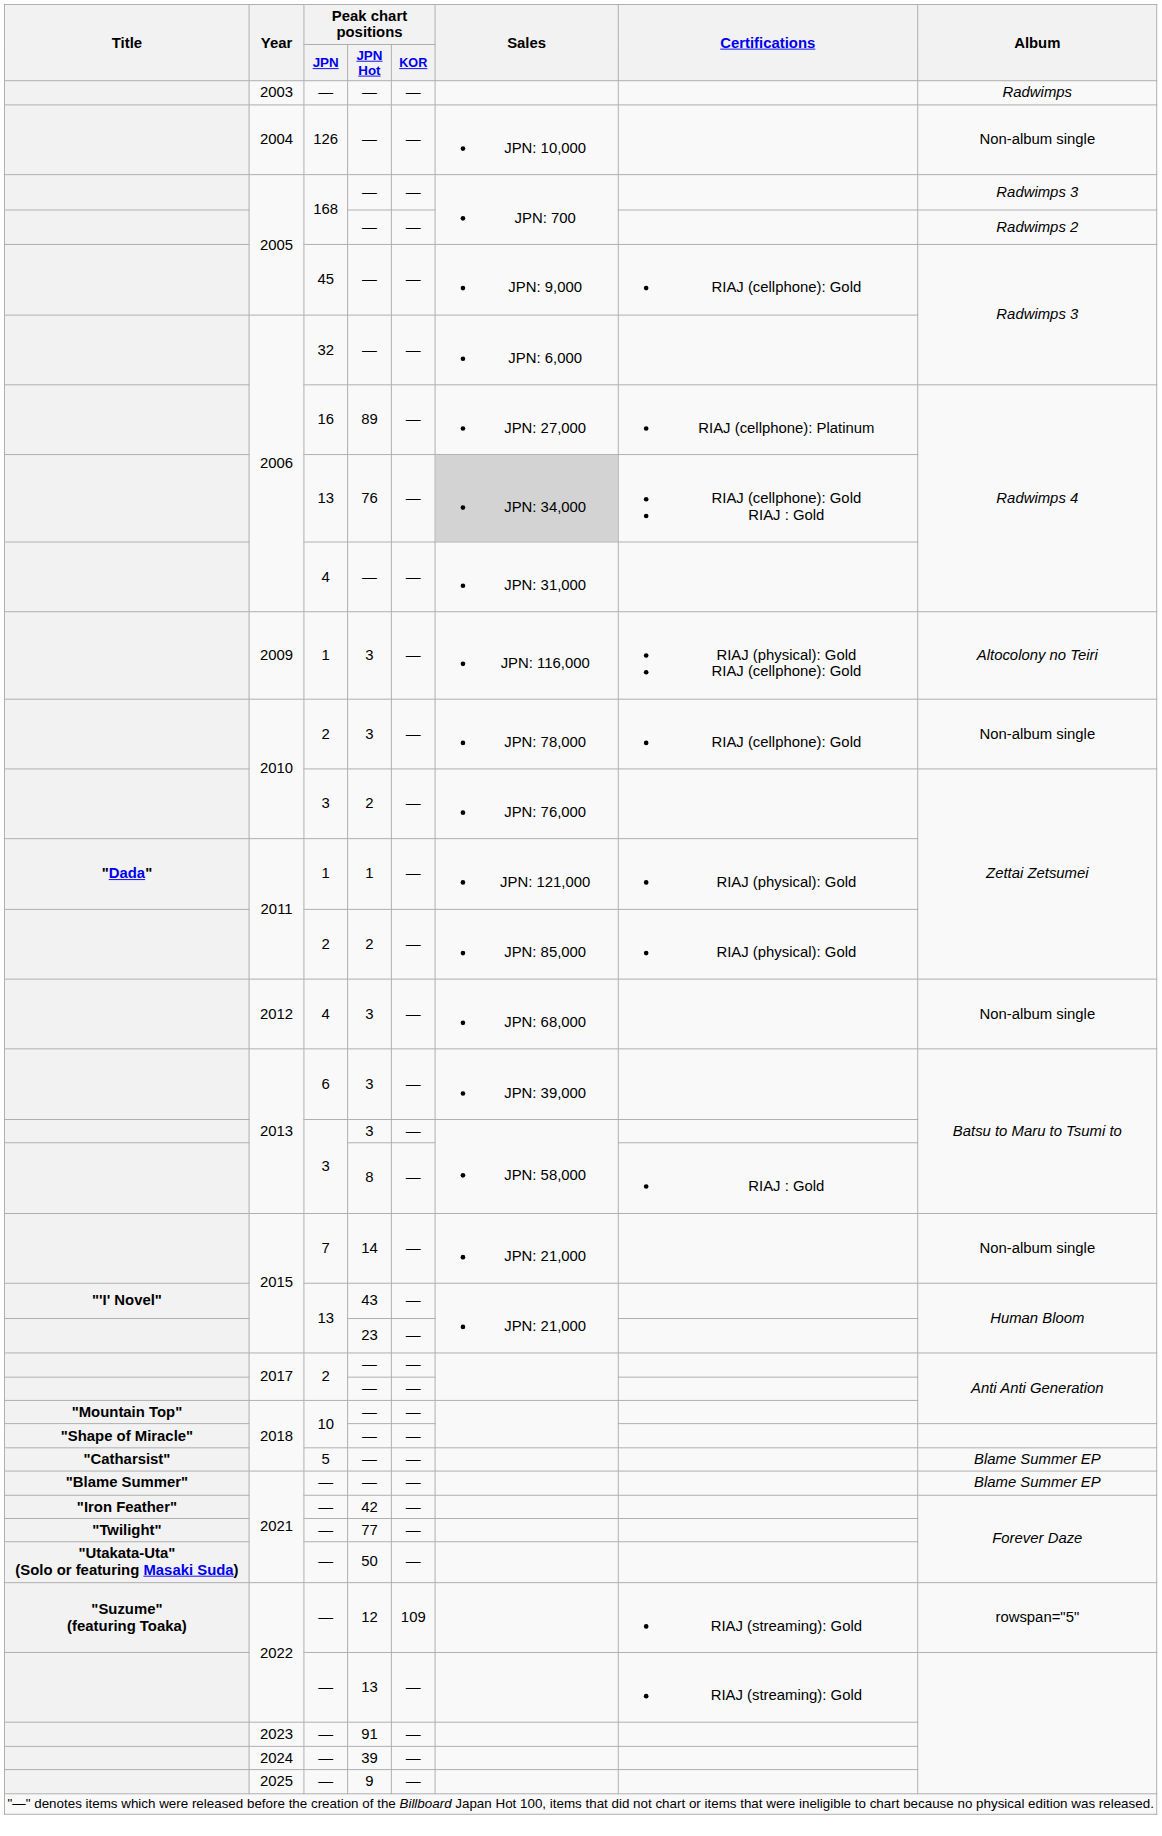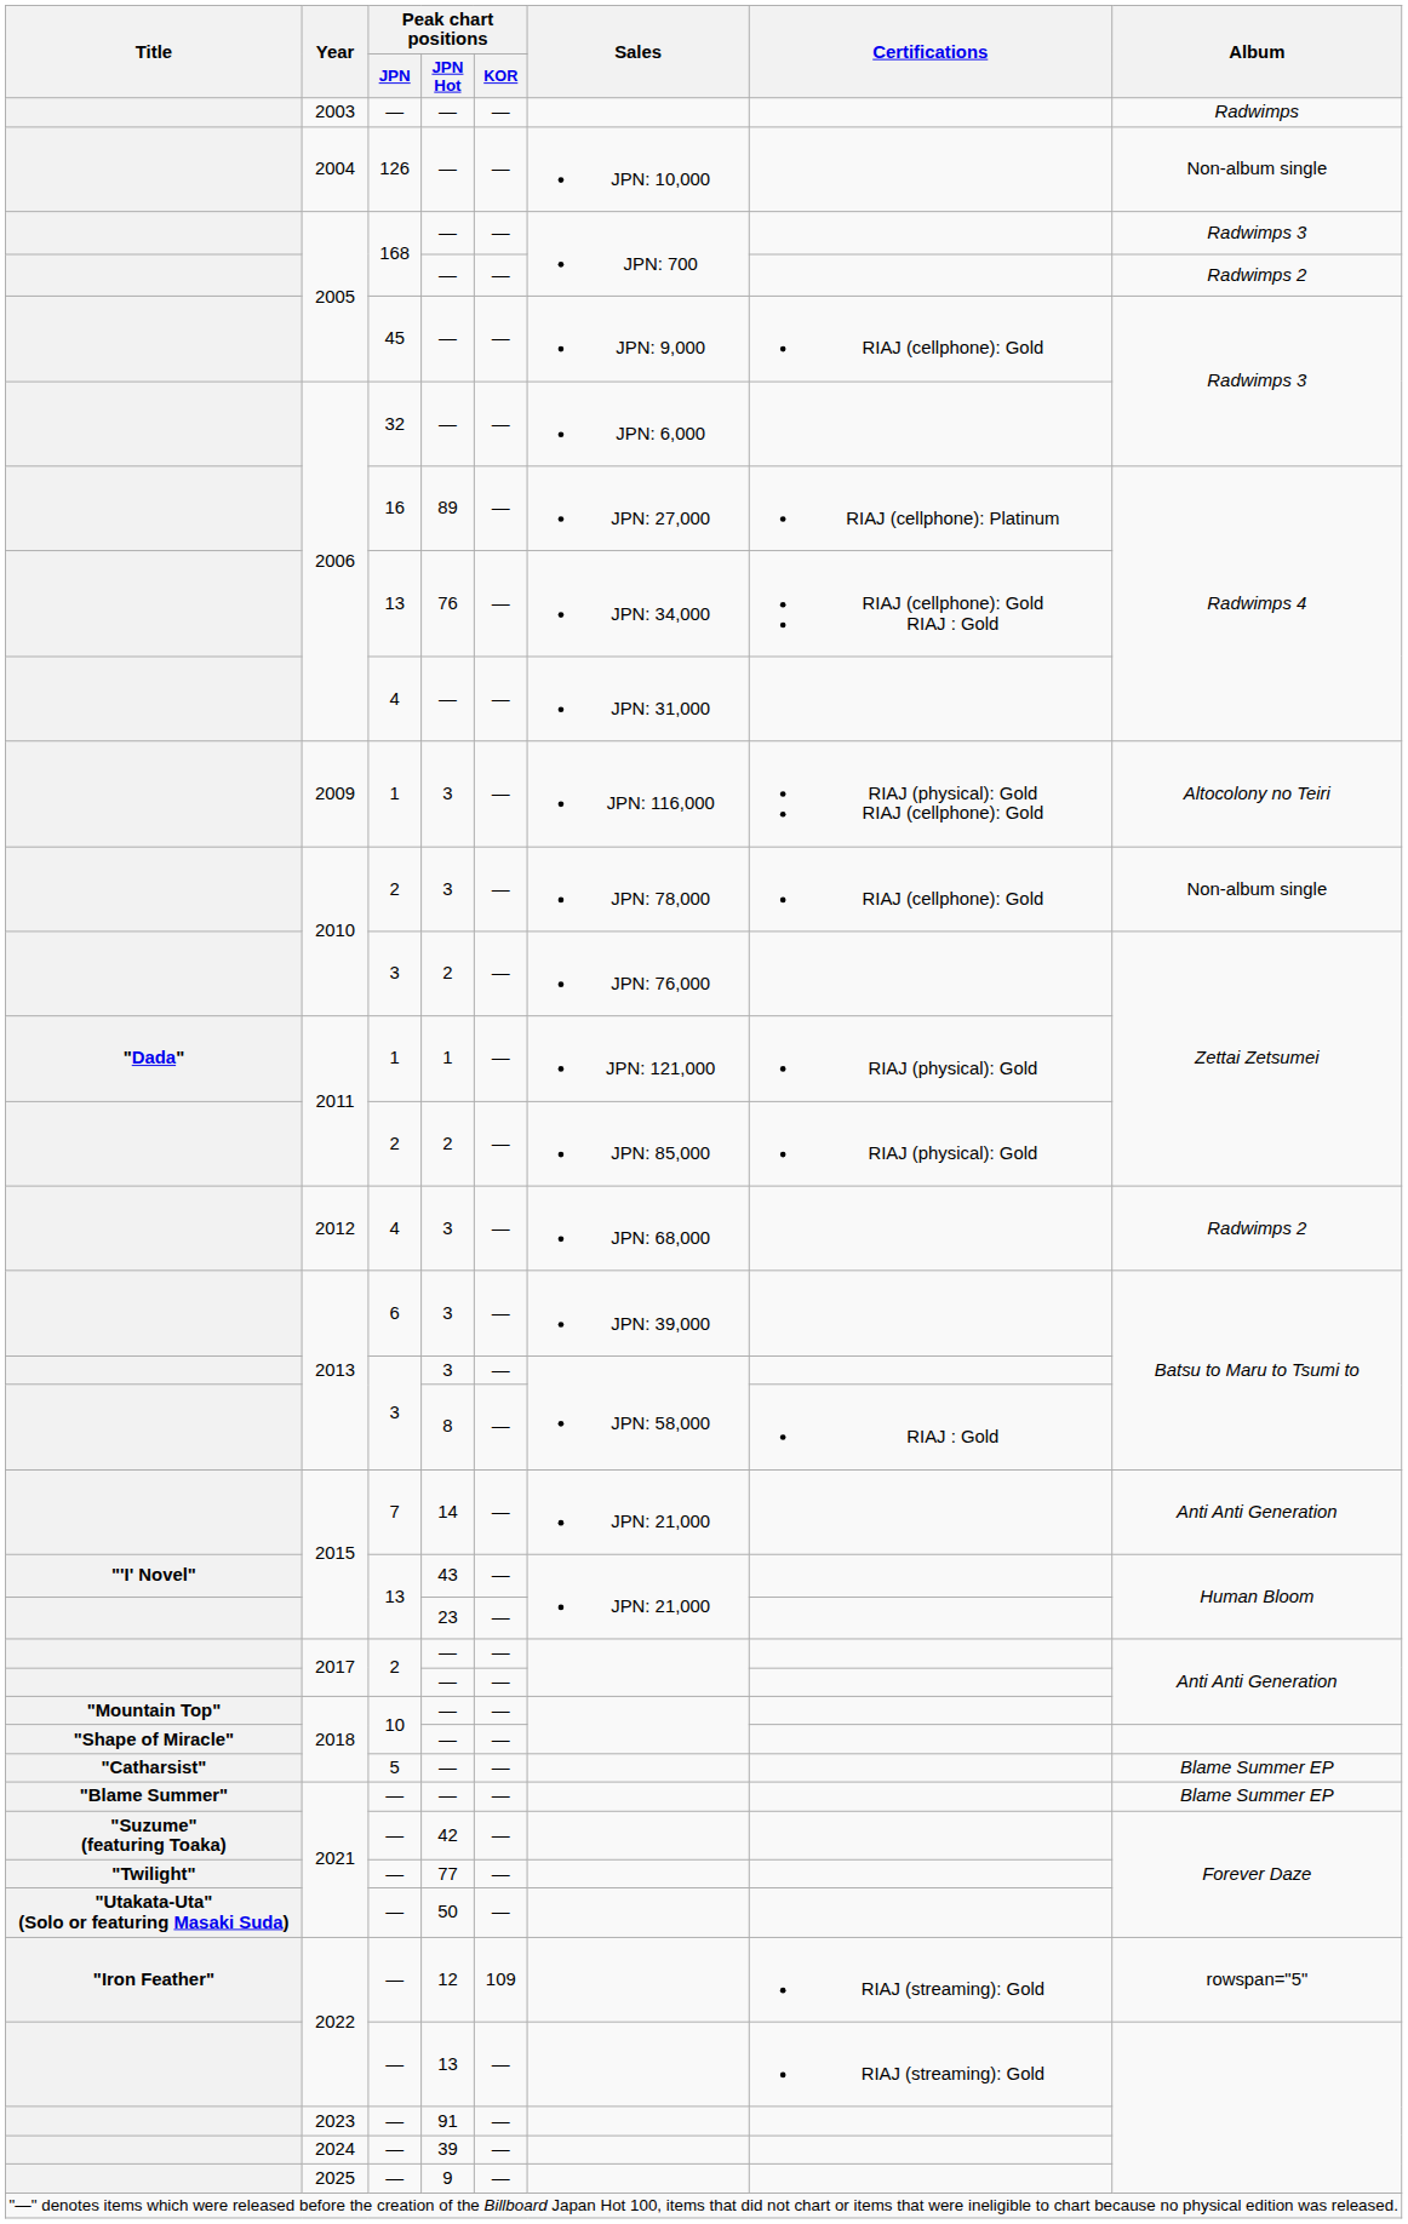 <table class="wikitable plainrowheaders" style="text-align:center;">
 <tr>
 <th scope="col" rowspan="2" style="width:16em;">Title</th>
 <th scope="col" rowspan="2">Year</th>
 <th scope="col" colspan="3">Peak chart positions</th>
 <th scope="col" rowspan="2">Sales</th>
 <th scope="col" rowspan="2"><a href='#'>Certifications</a></th>
 <th scope="col" rowspan="2">Album</th>
 </tr>
 <tr>
 <th scope="col" style="width:2.8em;font-size:90%;"><a href='#'>JPN</a><br></th>
 <th scope="col" style="width:2.8em;font-size:90%;"><a href='#'>JPN Hot</a><br></th>
 <th style="width:3em;font-size:85%"><a href='#'>KOR</a><br></th>
 </tr>
 <tr>
 <th scope="row"></th>
 <td>2003</td>
 <td>—</td>
 <td>—</td>
 <td>—</td>
 <td></td>
 <td></td>
 <td><em>Radwimps</em></td>
 </tr>
 <tr>
 <th scope="row"></th>
 <td>2004</td>
 <td>126</td>
 <td>—</td>
 <td>—</td>
 <td><br><ul><li>JPN: 10,000</li></ul></td>
 <td></td>
 <td>Non-album single</td>
 </tr>
 <tr>
 <th scope="row"></th>
 <td rowspan="3">2005</td>
 <td rowspan="2">168</td>
 <td>—</td>
 <td>—</td>
 <td rowspan="2"><br><ul><li>JPN: 700</li></ul></td>
 <td></td>
 <td><em>Radwimps 3</em></td>
 </tr>
 <tr>
 <th scope="row"></th>
 <td>—</td>
 <td>—</td>
 <td></td>
 <td><em>Radwimps 2</em></td>
 </tr>
 <tr>
 <th scope="row"></th>
 <td>45</td>
 <td>—</td>
 <td>—</td>
 <td><br><ul><li>JPN: 9,000</li></ul></td>
 <td><br><ul><li>RIAJ <span>(cellphone)</span>: Gold</li></ul></td>
 <td rowspan="2"><em>Radwimps 3</em></td>
 </tr>
 <tr>
 <th scope="row"></th>
 <td rowspan="4">2006</td>
 <td>32</td>
 <td>—</td>
 <td>—</td>
 <td><br><ul><li>JPN: 6,000</li></ul></td>
 <td></td>
 </tr>
 <tr>
 <th scope="row"></th>
 <td>16</td>
 <td>89</td>
 <td>—</td>
 <td><br><ul><li>JPN: 27,000</li></ul></td>
 <td><br><ul><li>RIAJ <span>(cellphone)</span>: Platinum</li></ul></td>
 <td rowspan="3"><em>Radwimps 4</em></td>
 </tr>
 <tr>
 <th scope="row"></th>
 <td>13</td>
 <td>76</td>
 <td>—</td>
-<td style="background: lightgrey;"><br><ul><li>JPN: 34,000</li></ul></td>
+<td><br><ul><li>JPN: 34,000</li></ul></td>
 <td><br><ul><li>RIAJ <span>(cellphone)</span>: Gold</li><li>RIAJ : Gold</li></ul></td>
 </tr>
 <tr>
 <th scope="row"></th>
 <td>4</td>
 <td>—</td>
 <td>—</td>
 <td><br><ul><li>JPN: 31,000</li></ul></td>
 <td></td>
 </tr>
 <tr>
 <th scope="row"></th>
 <td>2009</td>
 <td>1</td>
 <td>3</td>
 <td>—</td>
 <td><br><ul><li>JPN: 116,000</li></ul></td>
 <td><br><ul><li>RIAJ <span>(physical)</span>: Gold</li><li>RIAJ <span>(cellphone)</span>: Gold</li></ul></td>
 <td><em>Altocolony no Teiri</em></td>
 </tr>
 <tr>
 <th scope="row"></th>
 <td rowspan="2">2010</td>
 <td>2</td>
 <td>3</td>
 <td>—</td>
 <td><br><ul><li>JPN: 78,000</li></ul></td>
 <td><br><ul><li>RIAJ <span>(cellphone)</span>: Gold</li></ul></td>
 <td>Non-album single</td>
 </tr>
 <tr>
 <th scope="row"></th>
 <td>3</td>
 <td>2</td>
 <td>—</td>
 <td><br><ul><li>JPN: 76,000</li></ul></td>
 <td></td>
 <td rowspan="3"><em>Zettai Zetsumei</em></td>
 </tr>
 <tr>
 <th scope="row">"<a href='#'>Dada</a>"</th>
 <td rowspan="2">2011</td>
 <td>1</td>
 <td>1</td>
 <td>—</td>
 <td><br><ul><li>JPN: 121,000</li></ul></td>
 <td><br><ul><li>RIAJ <span>(physical)</span>: Gold</li></ul></td>
 </tr>
 <tr>
 <th scope="row"></th>
 <td>2</td>
 <td>2</td>
 <td>—</td>
 <td><br><ul><li>JPN: 85,000</li></ul></td>
 <td><br><ul><li>RIAJ <span>(physical)</span>: Gold</li></ul></td>
 </tr>
 <tr>
 <th scope="row"></th>
 <td>2012</td>
 <td>4</td>
 <td>3</td>
 <td>—</td>
 <td><br><ul><li>JPN: 68,000</li></ul></td>
 <td></td>
-<td>Non-album single</td>
+<td><em>Radwimps 2</em></td>
 </tr>
 <tr>
 <th scope="row"></th>
 <td rowspan="3">2013</td>
 <td>6</td>
 <td>3</td>
 <td>—</td>
 <td><br><ul><li>JPN: 39,000</li></ul></td>
 <td></td>
 <td rowspan="3"><em>Batsu to Maru to Tsumi to</em></td>
 </tr>
 <tr>
 <th scope="row"></th>
 <td rowspan="2">3</td>
 <td>3</td>
 <td>—</td>
 <td rowspan="2"><br><ul><li>JPN: 58,000</li></ul></td>
 <td></td>
 </tr>
 <tr>
 <th scope="row"></th>
 <td>8</td>
 <td>—</td>
 <td><br><ul><li>RIAJ : Gold</li></ul></td>
 </tr>
 <tr>
 <th scope="row"></th>
 <td rowspan="3">2015</td>
 <td>7</td>
 <td>14</td>
 <td>—</td>
 <td><br><ul><li>JPN: 21,000</li></ul></td>
 <td></td>
-<td>Non-album single</td>
+<td><em>Anti Anti Generation</em></td>
 </tr>
 <tr>
 <th scope="row">"'I' Novel"</th>
 <td rowspan="2">13</td>
 <td>43</td>
 <td>—</td>
 <td rowspan="2"><br><ul><li>JPN: 21,000</li></ul></td>
 <td></td>
 <td rowspan="2"><em>Human Bloom</em></td>
 </tr>
 <tr>
 <th scope="row"></th>
 <td>23</td>
 <td>—</td>
 <td></td>
 </tr>
 <tr>
 <th scope="row"></th>
 <td rowspan="2">2017</td>
 <td rowspan="2">2</td>
 <td>—</td>
 <td>—</td>
 <td rowspan="2"></td>
 <td></td>
 <td rowspan="3"><em>Anti Anti Generation</em></td>
 </tr>
 <tr>
 <th scope="row"></th>
 <td>—</td>
 <td>—</td>
 <td></td>
 </tr>
 <tr>
 <th scope="row">"Mountain Top"</th>
 <td rowspan="3">2018</td>
 <td rowspan="2">10</td>
 <td>—</td>
 <td>—</td>
 <td rowspan="2"></td>
 <td></td>
 </tr>
 <tr>
 <th scope="row">"Shape of Miracle"</th>
 <td>—</td>
 <td>—</td>
 <td></td>
 <td></td>
 </tr>
 <tr>
 <th scope="row">"Catharsist"</th>
 <td>5</td>
 <td>—</td>
 <td>—</td>
 <td></td>
 <td></td>
 <td><em>Blame Summer EP</em></td>
 </tr>
 <tr>
 <th scope="row">"Blame Summer"</th>
 <td rowspan="4">2021</td>
 <td>—</td>
 <td>—</td>
 <td>—</td>
 <td></td>
 <td></td>
 <td><em>Blame Summer EP</em></td>
 </tr>
 <tr>
-<th scope="row">"Iron Feather"</th>
+<th scope="row">"Suzume"<br><span>(featuring Toaka)</span></th>
 <td>—</td>
 <td>42</td>
 <td>—</td>
 <td></td>
 <td></td>
 <td rowspan="3"><em>Forever Daze</em></td>
 </tr>
 <tr>
 <th scope="row">"Twilight"</th>
 <td>—</td>
 <td>77</td>
 <td>—</td>
 <td></td>
 <td></td>
 </tr>
 <tr>
 <th scope="row">"Utakata-Uta"<br><span>(Solo or featuring <a href='#'>Masaki Suda</a>)</span></th>
 <td>—</td>
 <td>50</td>
 <td>—</td>
 <td></td>
 <td></td>
 </tr>
 <tr>
-<th scope="row">"Suzume"<br><span>(featuring Toaka)</span></th>
+<th scope="row">"Iron Feather"</th>
 <td rowspan="2">2022</td>
 <td>—</td>
 <td>12</td>
 <td>109</td>
 <td></td>
 <td><br><ul><li>RIAJ <span>(streaming)</span>: Gold</li></ul></td>
 <td>rowspan="5" </td>
 </tr>
 <tr>
 <th scope="row"></th>
 <td>—</td>
 <td>13</td>
 <td>—</td>
 <td></td>
 <td><br><ul><li>RIAJ <span>(streaming)</span>: Gold</li></ul></td>
 </tr>
 <tr>
 <th scope="row"><br></th>
 <td>2023</td>
 <td>—</td>
 <td>91</td>
 <td>—</td>
 <td></td>
 <td></td>
 </tr>
 <tr>
 <th scope="row"></th>
 <td>2024</td>
 <td>—</td>
 <td>39</td>
 <td>—</td>
 <td></td>
 <td></td>
 </tr>
 <tr>
 <th scope="row"></th>
 <td>2025</td>
 <td>—</td>
 <td>9</td>
 <td>—</td>
 <td></td>
 <td></td>
 </tr>
 <tr>
 <td colspan="14" align="center" style="font-size:90%;">"—" denotes items which were released before the creation of the <em>Billboard</em> Japan Hot 100, items that did not chart or items that were ineligible to chart because no physical edition was released.</td>
 </tr>
 </table>
